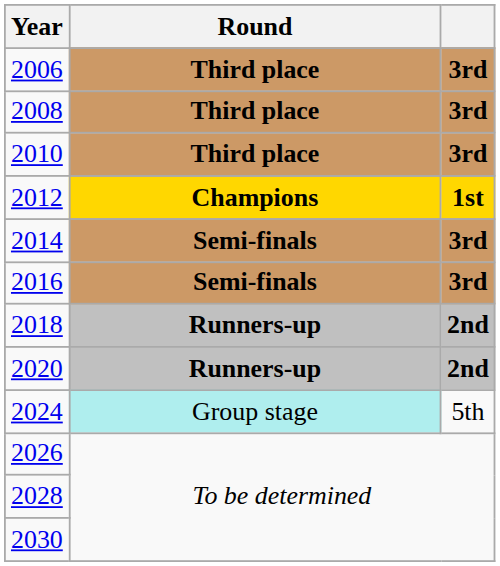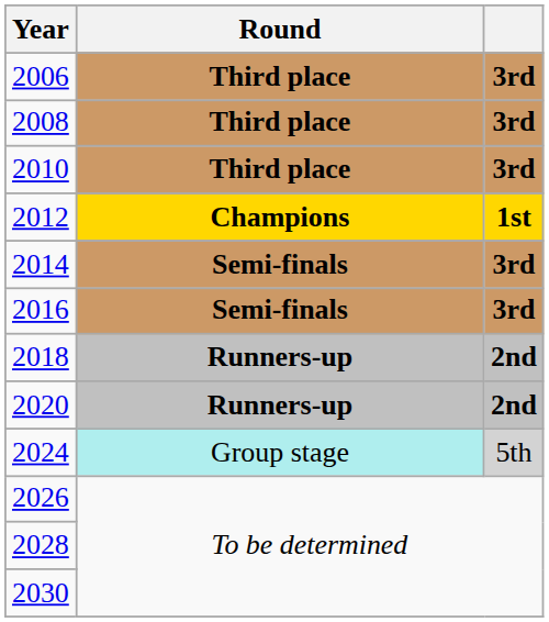 <table class="wikitable" style="text-align: center; font-size:90%">
 <tr>
 <th>Year</th>
 <th style="width:200px">Round</th>
 <th></th>
 </tr>
 <tr>
 <td><a href='#'>2006</a></td>
 <td bgcolor="cc9966"><strong>Third place</strong></td>
 <td bgcolor="cc9966"><strong>3rd</strong></td>
 </tr>
 <tr>
 <td><a href='#'>2008</a></td>
 <td bgcolor="cc9966"><strong>Third place</strong></td>
 <td bgcolor="cc9966"><strong>3rd</strong></td>
 </tr>
 <tr>
 <td><a href='#'>2010</a></td>
 <td bgcolor="cc9966"><strong>Third place</strong></td>
 <td bgcolor="cc9966"><strong>3rd</strong></td>
 </tr>
 <tr>
 <td><a href='#'>2012</a></td>
 <td bgcolor=Gold><strong>Champions</strong></td>
 <td bgcolor=Gold><strong>1st</strong></td>
 </tr>
 <tr>
 <td><a href='#'>2014</a></td>
 <td bgcolor="cc9966"><strong>Semi-finals</strong></td>
 <td bgcolor="cc9966"><strong>3rd</strong></td>
 </tr>
 <tr>
 <td><a href='#'>2016</a></td>
 <td bgcolor="cc9966"><strong>Semi-finals</strong></td>
 <td bgcolor="cc9966"><strong>3rd</strong></td>
 </tr>
 <tr>
 <td><a href='#'>2018</a></td>
 <td bgcolor=Silver><strong>Runners-up</strong></td>
 <td bgcolor=Silver><strong>2nd</strong></td>
 </tr>
 <tr>
 <td><a href='#'>2020</a></td>
 <td bgcolor=Silver><strong>Runners-up</strong></td>
 <td bgcolor=Silver><strong>2nd</strong></td>
 </tr>
 <tr>
 <td><a href='#'>2024</a></td>
 <td style="background: paleturquoise;">Group stage</td>
-<td>5th</td>
+<td style="background: lightgrey;">5th</td>
 </tr>
 <tr>
 <td><a href='#'>2026</a></td>
 <td colspan="2" rowspan="3"><em>To be determined</em></td>
 </tr>
 <tr>
 <td><a href='#'>2028</a></td>
 </tr>
 <tr>
 <td><a href='#'>2030</a></td>
 </tr>
 </table>
